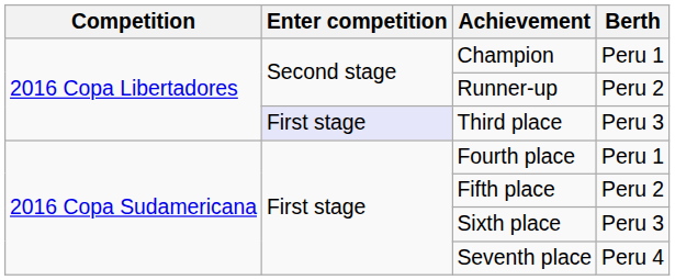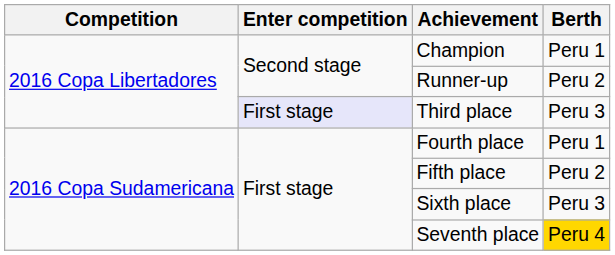 <table class="wikitable">
 <tr>
 <th>Competition</th>
 <th>Enter competition</th>
 <th>Achievement</th>
 <th>Berth</th>
 </tr>
 <tr>
 <td rowspan=3><a href='#'>2016 Copa Libertadores</a></td>
 <td rowspan=2>Second stage</td>
 <td>Champion</td>
 <td>Peru 1</td>
 </tr>
 <tr>
 <td>Runner-up</td>
 <td>Peru 2</td>
 </tr>
 <tr>
 <td style="background: lavender;">First stage</td>
 <td>Third place</td>
 <td>Peru 3</td>
 </tr>
 <tr>
 <td rowspan=4><a href='#'>2016 Copa Sudamericana</a></td>
 <td rowspan=4>First stage</td>
 <td>Fourth place</td>
 <td>Peru 1</td>
 </tr>
 <tr>
 <td>Fifth place</td>
 <td>Peru 2</td>
 </tr>
 <tr>
 <td>Sixth place</td>
 <td>Peru 3</td>
 </tr>
 <tr>
 <td>Seventh place</td>
-<td>Peru 4</td>
+<td style="background: gold;">Peru 4</td>
 </tr>
 </table>
